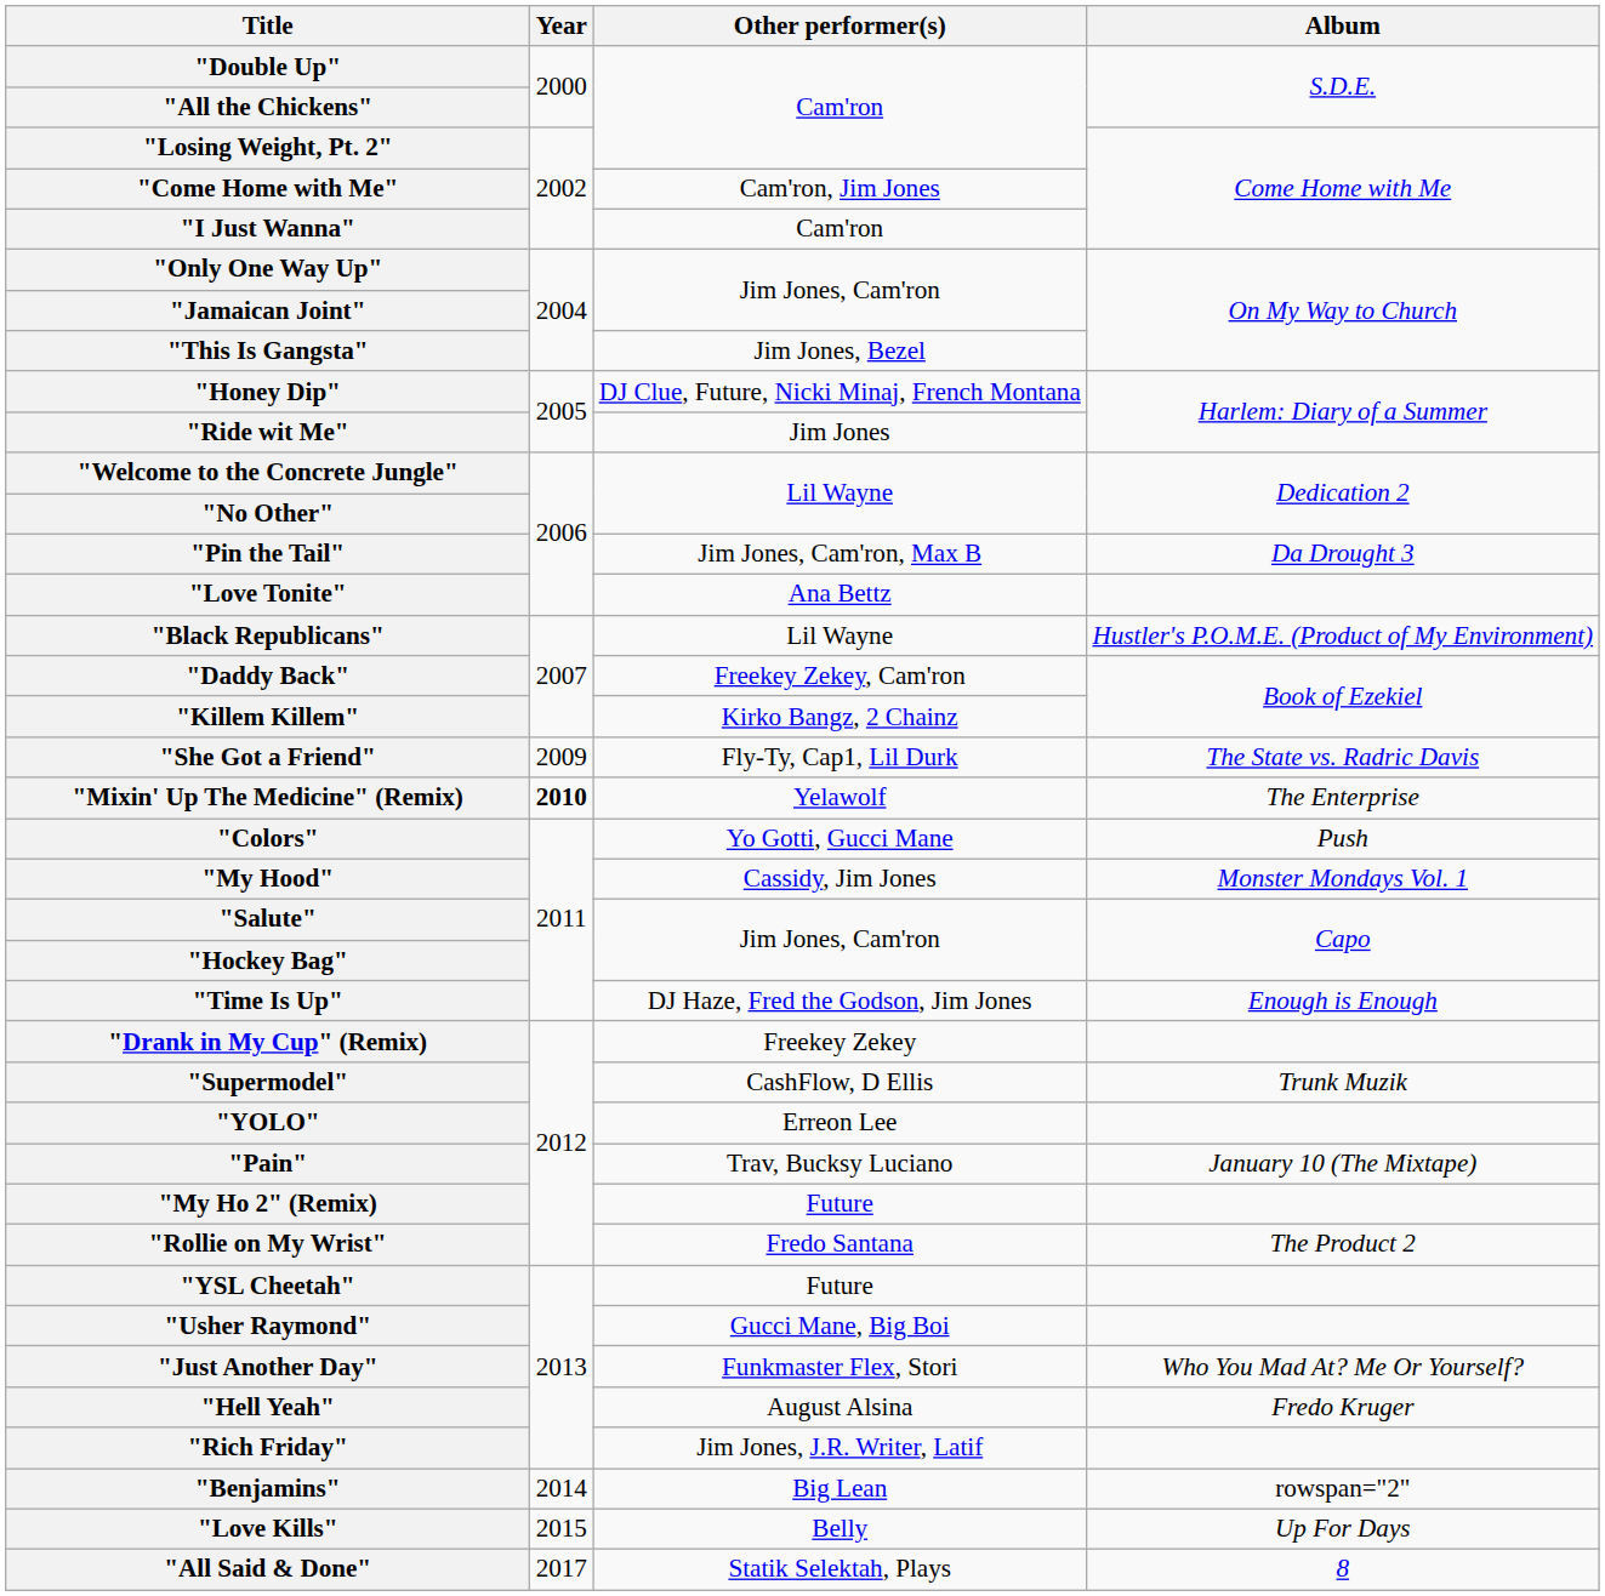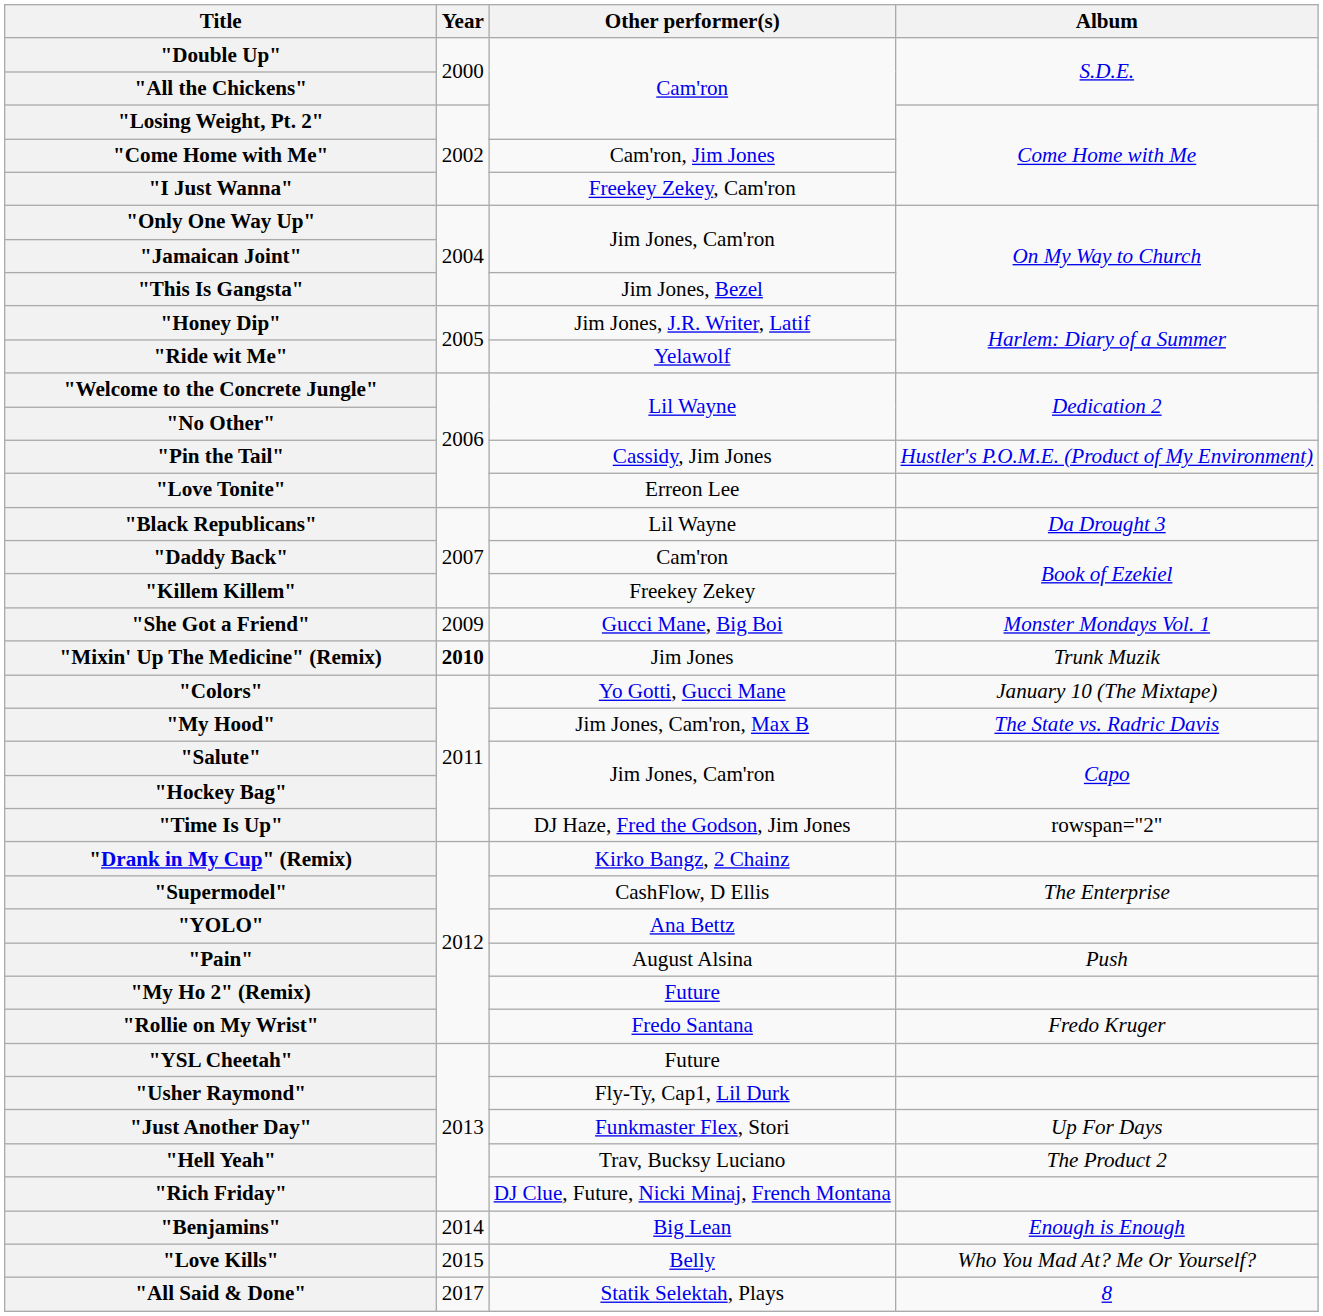 <table class="wikitable plainrowheaders" style="text-align:center;">
 <tr>
 <th scope="col" style="width:20em;">Title</th>
 <th scope="col">Year</th>
 <th scope="col">Other performer(s)</th>
 <th scope="col">Album</th>
 </tr>
 <tr>
 <th scope="row">"Double Up"</th>
 <td rowspan="2">2000</td>
 <td rowspan="3"><a href='#'>Cam'ron</a></td>
 <td rowspan="2"><em><a href='#'>S.D.E.</a></em></td>
 </tr>
 <tr>
 <th scope="row">"All the Chickens"</th>
 </tr>
 <tr>
 <th scope="row">"Losing Weight, Pt. 2"</th>
 <td rowspan="3">2002</td>
 <td rowspan="3"><em><a href='#'>Come Home with Me</a></em></td>
 </tr>
 <tr>
 <th scope="row">"Come Home with Me"</th>
 <td>Cam'ron, <a href='#'>Jim Jones</a></td>
 </tr>
 <tr>
 <th scope="row">"I Just Wanna"</th>
-<td>Cam'ron</td>
+<td><a href='#'>Freekey Zekey</a>, Cam'ron</td>
 </tr>
 <tr>
 <th scope="row">"Only One Way Up"</th>
 <td rowspan="3">2004</td>
 <td rowspan="2">Jim Jones, Cam'ron</td>
 <td rowspan="3"><em><a href='#'>On My Way to Church</a></em></td>
 </tr>
 <tr>
 <th scope="row">"Jamaican Joint"</th>
 </tr>
 <tr>
 <th scope="row">"This Is Gangsta"</th>
 <td>Jim Jones, <a href='#'>Bezel</a></td>
 </tr>
 <tr>
 <th scope="row">"Honey Dip"</th>
 <td rowspan="2">2005</td>
-<td><a href='#'>DJ Clue</a>, Future, <a href='#'>Nicki Minaj</a>, <a href='#'>French Montana</a></td>
+<td>Jim Jones, <a href='#'>J.R. Writer</a>, <a href='#'>Latif</a></td>
 <td rowspan="2"><em><a href='#'>Harlem: Diary of a Summer</a></em></td>
 </tr>
 <tr>
 <th scope="row">"Ride wit Me"</th>
-<td>Jim Jones</td>
+<td><a href='#'>Yelawolf</a></td>
 </tr>
 <tr>
 <th scope="row">"Welcome to the Concrete Jungle"</th>
 <td rowspan="4">2006</td>
 <td rowspan="2"><a href='#'>Lil Wayne</a></td>
 <td rowspan="2"><em><a href='#'>Dedication 2</a></em></td>
 </tr>
 <tr>
 <th scope="row">"No Other"</th>
 </tr>
 <tr>
 <th scope="row">"Pin the Tail"</th>
-<td>Jim Jones, Cam'ron, <a href='#'>Max B</a></td>
-<td><em><a href='#'>Da Drought 3</a></em></td>
+<td><a href='#'>Cassidy</a>, Jim Jones</td>
+<td><em><a href='#'>Hustler's P.O.M.E. (Product of My Environment)</a></em></td>
 </tr>
 <tr>
 <th scope="row">"Love Tonite"</th>
-<td><a href='#'>Ana Bettz</a></td>
+<td>Erreon Lee</td>
 <td></td>
 </tr>
 <tr>
 <th scope="row">"Black Republicans"</th>
 <td rowspan="3">2007</td>
 <td>Lil Wayne</td>
-<td><em><a href='#'>Hustler's P.O.M.E. (Product of My Environment)</a></em></td>
+<td><em><a href='#'>Da Drought 3</a></em></td>
 </tr>
 <tr>
 <th scope="row">"Daddy Back"</th>
-<td><a href='#'>Freekey Zekey</a>, Cam'ron</td>
+<td>Cam'ron</td>
 <td rowspan="2"><em><a href='#'>Book of Ezekiel</a></em></td>
 </tr>
 <tr>
 <th scope="row">"Killem Killem"</th>
-<td><a href='#'>Kirko Bangz</a>, <a href='#'>2 Chainz</a></td>
+<td>Freekey Zekey</td>
 </tr>
 <tr>
 <th scope="row">"She Got a Friend"</th>
 <td>2009</td>
-<td>Fly-Ty, Cap1, <a href='#'>Lil Durk</a></td>
-<td><em><a href='#'>The State vs. Radric Davis</a></em></td>
+<td><a href='#'>Gucci Mane</a>, <a href='#'>Big Boi</a></td>
+<td><em><a href='#'>Monster Mondays Vol. 1</a></em></td>
 </tr>
 <tr>
 <th scope="row">"Mixin' Up The Medicine" (Remix)</th>
 <td><strong>2010</strong></td>
-<td><a href='#'>Yelawolf</a></td>
-<td><em>The Enterprise</em></td>
+<td>Jim Jones</td>
+<td><em>Trunk Muzik</em></td>
 </tr>
 <tr>
 <th scope="row">"Colors"</th>
 <td rowspan="5">2011</td>
 <td><a href='#'>Yo Gotti</a>, <a href='#'>Gucci Mane</a></td>
-<td><em>Push</em></td>
+<td><em>January 10 (The Mixtape)</em></td>
 </tr>
 <tr>
 <th scope="row">"My Hood"</th>
-<td><a href='#'>Cassidy</a>, Jim Jones</td>
-<td><em><a href='#'>Monster Mondays Vol. 1</a></em></td>
+<td>Jim Jones, Cam'ron, <a href='#'>Max B</a></td>
+<td><em><a href='#'>The State vs. Radric Davis</a></em></td>
 </tr>
 <tr>
 <th scope="row">"Salute"</th>
 <td rowspan="2">Jim Jones, Cam'ron</td>
 <td rowspan="2"><em><a href='#'>Capo</a></em></td>
 </tr>
 <tr>
 <th scope="row">"Hockey Bag"</th>
 </tr>
 <tr>
 <th scope="row">"Time Is Up"</th>
 <td>DJ Haze, <a href='#'>Fred the Godson</a>, Jim Jones</td>
-<td><em><a href='#'>Enough is Enough</a></em></td>
+<td>rowspan="2" </td>
 </tr>
 <tr>
 <th scope="row">"<a href='#'>Drank in My Cup</a>" (Remix)</th>
 <td rowspan="6">2012</td>
-<td>Freekey Zekey</td>
+<td><a href='#'>Kirko Bangz</a>, <a href='#'>2 Chainz</a></td>
 </tr>
 <tr>
 <th scope="row">"Supermodel"</th>
 <td>CashFlow, D Ellis</td>
-<td><em>Trunk Muzik</em></td>
+<td><em>The Enterprise</em></td>
 </tr>
 <tr>
 <th scope="row">"YOLO"</th>
-<td>Erreon Lee</td>
+<td><a href='#'>Ana Bettz</a></td>
 <td></td>
 </tr>
 <tr>
 <th scope="row">"Pain"</th>
-<td>Trav, Bucksy Luciano</td>
-<td><em>January 10 (The Mixtape)</em></td>
+<td>August Alsina</td>
+<td><em>Push</em></td>
 </tr>
 <tr>
 <th scope="row">"My Ho 2" (Remix)</th>
 <td><a href='#'>Future</a></td>
 <td></td>
 </tr>
 <tr>
 <th scope="row">"Rollie on My Wrist"</th>
 <td><a href='#'>Fredo Santana</a></td>
-<td><em>The Product 2</em></td>
+<td><em>Fredo Kruger</em></td>
 </tr>
 <tr>
 <th scope="row">"YSL Cheetah"</th>
 <td rowspan="5">2013</td>
 <td>Future</td>
 <td></td>
 </tr>
 <tr>
 <th scope="row">"Usher Raymond"</th>
-<td><a href='#'>Gucci Mane</a>, <a href='#'>Big Boi</a></td>
+<td>Fly-Ty, Cap1, <a href='#'>Lil Durk</a></td>
 <td></td>
 </tr>
 <tr>
 <th scope="row">"Just Another Day"</th>
 <td><a href='#'>Funkmaster Flex</a>, Stori</td>
-<td><em>Who You Mad At? Me Or Yourself?</em></td>
+<td><em>Up For Days</em></td>
 </tr>
 <tr>
 <th scope="row">"Hell Yeah"</th>
-<td>August Alsina</td>
-<td><em>Fredo Kruger</em></td>
+<td>Trav, Bucksy Luciano</td>
+<td><em>The Product 2</em></td>
 </tr>
 <tr>
 <th scope="row">"Rich Friday"</th>
-<td>Jim Jones, <a href='#'>J.R. Writer</a>, <a href='#'>Latif</a></td>
+<td><a href='#'>DJ Clue</a>, Future, <a href='#'>Nicki Minaj</a>, <a href='#'>French Montana</a></td>
 <td></td>
 </tr>
 <tr>
 <th scope="row">"Benjamins"</th>
 <td rowspan="1">2014</td>
 <td><a href='#'>Big Lean</a></td>
-<td>rowspan="2" </td>
+<td><em><a href='#'>Enough is Enough</a></em></td>
 </tr>
 <tr>
 <th scope="row">"Love Kills"</th>
 <td rowspan="1">2015</td>
 <td><a href='#'>Belly</a></td>
-<td><em>Up For Days</em></td>
+<td><em>Who You Mad At? Me Or Yourself?</em></td>
 </tr>
 <tr>
 <th scope="row">"All Said & Done"</th>
 <td rowspan="1">2017</td>
 <td><a href='#'>Statik Selektah</a>, Plays</td>
 <td><em><a href='#'>8</a></em></td>
 </tr>
 <tr>
 </tr>
 </table>
